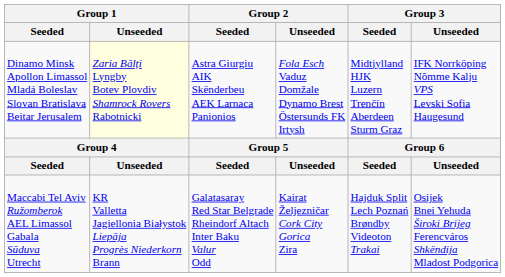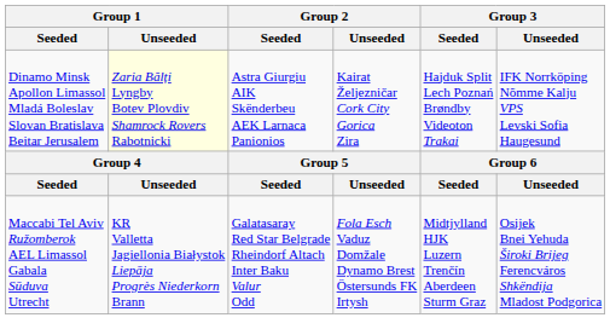 <table class="wikitable" style="font-size:85%">
 <tr>
 <th colspan=2>Group 1</th>
 <th colspan=2>Group 2</th>
 <th colspan=2>Group 3</th>
 </tr>
 <tr>
 <th>Seeded</th>
 <th>Unseeded</th>
 <th>Seeded</th>
 <th>Unseeded</th>
 <th>Seeded</th>
 <th>Unseeded</th>
 </tr>
 <tr>
 <td valign=top><br> <a href='#'>Dinamo Minsk</a> <br>  <a href='#'>Apollon Limassol</a> <br>  <a href='#'>Mladá Boleslav</a> <br>  <a href='#'>Slovan Bratislava</a> <br>  <a href='#'>Beitar Jerusalem</a> </td>
 <td valign=top style="background: lightyellow;"><br> <em><a href='#'>Zaria Bălți</a></em> <br>  <a href='#'>Lyngby</a> <br>  <a href='#'>Botev Plovdiv</a> <br>  <em><a href='#'>Shamrock Rovers</a></em> <br>  <a href='#'>Rabotnicki</a> </td>
 <td valign=top><br> <a href='#'>Astra Giurgiu</a> <br>  <a href='#'>AIK</a> <br>  <a href='#'>Skënderbeu</a> <br>  <a href='#'>AEK Larnaca</a> <br>  <a href='#'>Panionios</a> </td>
-<td valign=top><br> <em><a href='#'>Fola Esch</a></em> <br>  <a href='#'>Vaduz</a> <br>  <a href='#'>Domžale</a> <br>  <a href='#'>Dynamo Brest</a> <br>  <a href='#'>Östersunds FK</a> <br>  <a href='#'>Irtysh</a> </td>
-<td valign=top><br> <a href='#'>Midtjylland</a> <br>  <a href='#'>HJK</a> <br>  <a href='#'>Luzern</a> <br>  <a href='#'>Trenčín</a> <br>  <a href='#'>Aberdeen</a> <br>  <a href='#'>Sturm Graz</a> </td>
+<td valign=top><br> <a href='#'>Kairat</a> <br>  <a href='#'>Željezničar</a> <br>  <em><a href='#'>Cork City</a></em> <br>  <em><a href='#'>Gorica</a></em> <br>  <a href='#'>Zira</a> </td>
+<td valign=top><br> <a href='#'>Hajduk Split</a> <br>  <a href='#'>Lech Poznań</a> <br>  <a href='#'>Brøndby</a> <br>  <a href='#'>Videoton</a> <br>  <em><a href='#'>Trakai</a></em> </td>
 <td valign=top><br> <a href='#'>IFK Norrköping</a> <br>  <a href='#'>Nõmme Kalju</a> <br>  <em><a href='#'>VPS</a></em> <br>  <a href='#'>Levski Sofia</a> <br>  <a href='#'>Haugesund</a> </td>
 </tr>
 <tr>
 <th colspan=2>Group 4</th>
 <th colspan=2>Group 5</th>
 <th colspan=2>Group 6</th>
 </tr>
 <tr>
 <th>Seeded</th>
 <th>Unseeded</th>
 <th>Seeded</th>
 <th>Unseeded</th>
 <th>Seeded</th>
 <th>Unseeded</th>
 </tr>
 <tr>
 <td valign=top><br> <a href='#'>Maccabi Tel Aviv</a> <br>  <em><a href='#'>Ružomberok</a></em> <br>  <a href='#'>AEL Limassol</a> <br>  <a href='#'>Gabala</a> <br>  <em><a href='#'>Sūduva</a></em> <br>  <a href='#'>Utrecht</a> </td>
 <td valign=top><br> <a href='#'>KR</a> <br>  <a href='#'>Valletta</a> <br>  <a href='#'>Jagiellonia Białystok</a> <br>  <em><a href='#'>Liepāja</a></em> <br>  <em><a href='#'>Progrès Niederkorn</a></em> <br>  <a href='#'>Brann</a> </td>
 <td valign=top><br> <a href='#'>Galatasaray</a> <br>  <a href='#'>Red Star Belgrade</a> <br>  <a href='#'>Rheindorf Altach</a> <br>  <a href='#'>Inter Baku</a> <br>  <em><a href='#'>Valur</a></em> <br>  <a href='#'>Odd</a> </td>
-<td valign=top><br> <a href='#'>Kairat</a> <br>  <a href='#'>Željezničar</a> <br>  <em><a href='#'>Cork City</a></em> <br>  <em><a href='#'>Gorica</a></em> <br>  <a href='#'>Zira</a> </td>
-<td valign=top><br> <a href='#'>Hajduk Split</a> <br>  <a href='#'>Lech Poznań</a> <br>  <a href='#'>Brøndby</a> <br>  <a href='#'>Videoton</a> <br>  <em><a href='#'>Trakai</a></em> </td>
+<td valign=top><br> <em><a href='#'>Fola Esch</a></em> <br>  <a href='#'>Vaduz</a> <br>  <a href='#'>Domžale</a> <br>  <a href='#'>Dynamo Brest</a> <br>  <a href='#'>Östersunds FK</a> <br>  <a href='#'>Irtysh</a> </td>
+<td valign=top><br> <a href='#'>Midtjylland</a> <br>  <a href='#'>HJK</a> <br>  <a href='#'>Luzern</a> <br>  <a href='#'>Trenčín</a> <br>  <a href='#'>Aberdeen</a> <br>  <a href='#'>Sturm Graz</a> </td>
 <td valign=top><br> <a href='#'>Osijek</a> <br>  <a href='#'>Bnei Yehuda</a> <br>  <em><a href='#'>Široki Brijeg</a></em> <br>  <a href='#'>Ferencváros</a> <br>  <em><a href='#'>Shkëndija</a></em> <br>  <a href='#'>Mladost Podgorica</a> </td>
 </tr>
 </table>
